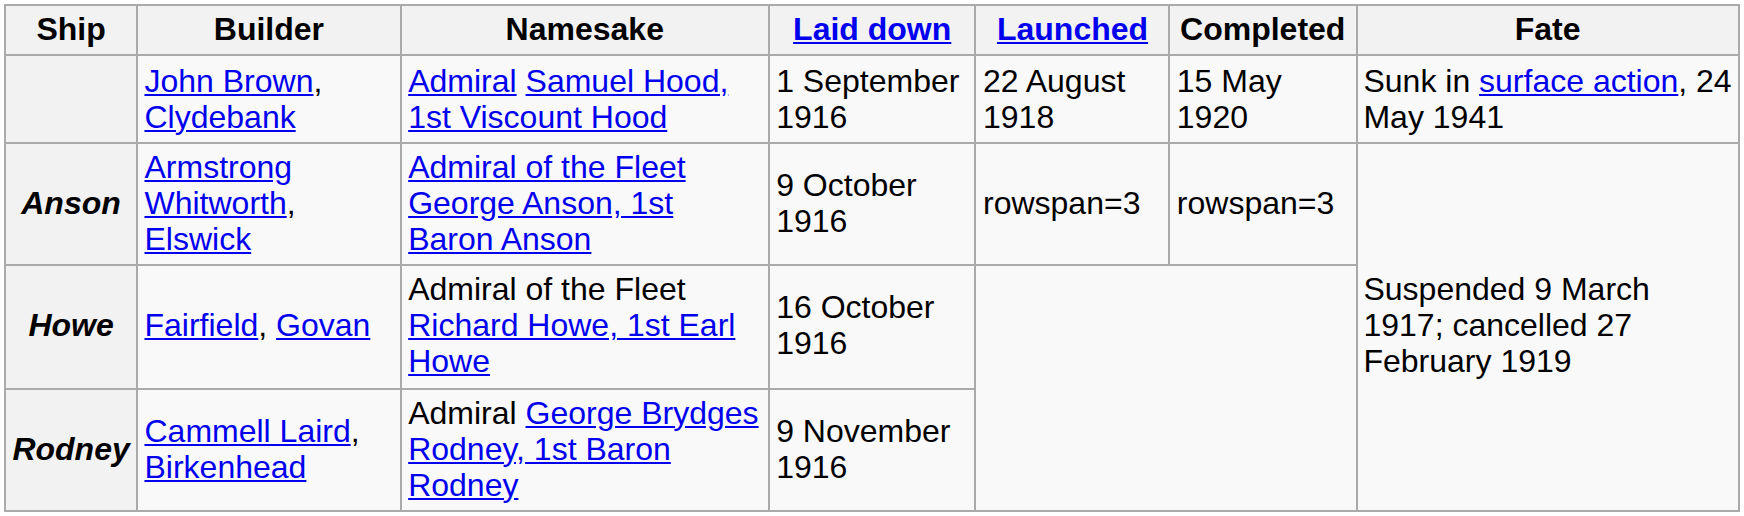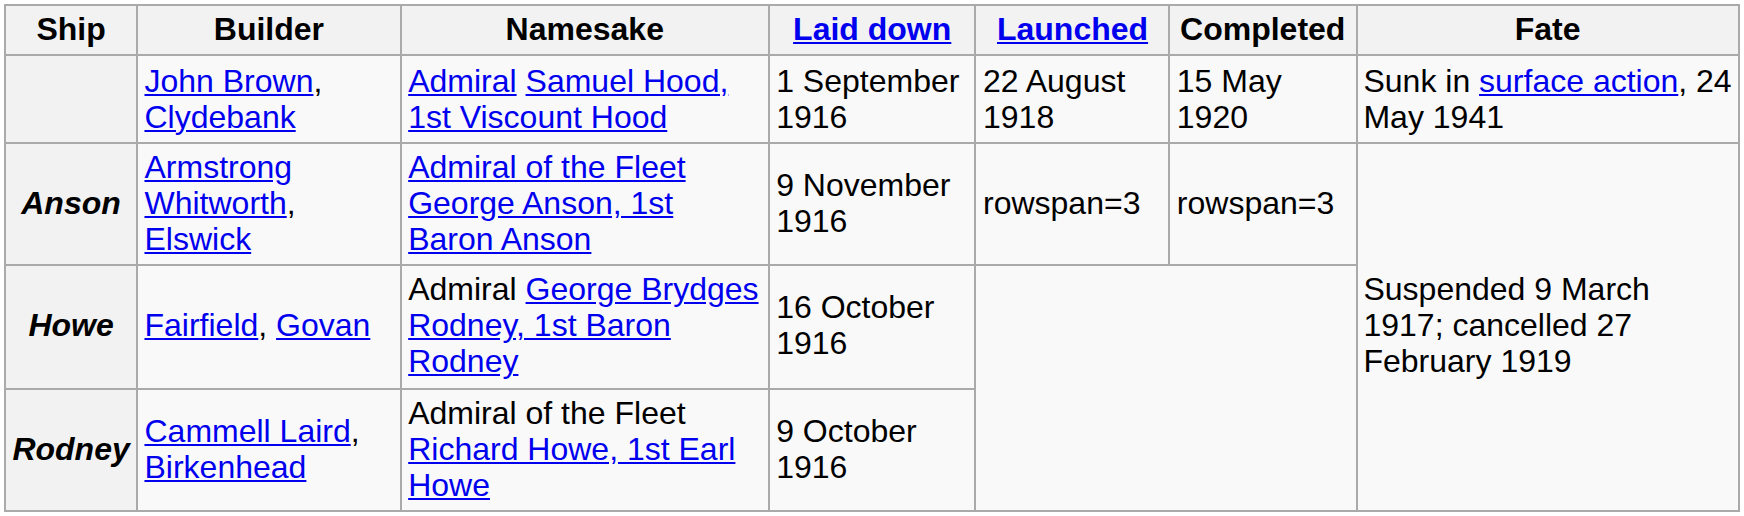 <table class="wikitable plainrowheaders">
 <tr>
 <th scope="col">Ship</th>
 <th scope="col">Builder</th>
 <th scope="col">Namesake</th>
 <th scope="col"><a href='#'>Laid down</a></th>
 <th scope="col"><a href='#'>Launched</a></th>
 <th scope="col">Completed</th>
 <th scope="col">Fate</th>
 </tr>
 <tr>
 <th scope="row"></th>
 <td><a href='#'>John Brown</a>, <a href='#'>Clydebank</a></td>
 <td><a href='#'>Admiral</a> <a href='#'>Samuel Hood, 1st Viscount Hood</a></td>
 <td>1 September 1916</td>
 <td>22 August 1918</td>
 <td>15 May 1920</td>
 <td>Sunk in <a href='#'>surface action</a>, 24 May 1941</td>
 </tr>
 <tr>
 <th scope="row"><em>Anson</em></th>
 <td><a href='#'>Armstrong Whitworth</a>, <a href='#'>Elswick</a></td>
 <td><a href='#'>Admiral of the Fleet</a> <a href='#'>George Anson, 1st Baron Anson</a></td>
-<td>9 October 1916</td>
+<td>9 November 1916</td>
 <td>rowspan=3 </td>
 <td>rowspan=3 </td>
 <td rowspan=3>Suspended 9 March 1917; cancelled 27 February 1919</td>
 </tr>
 <tr>
 <th scope="row"><em>Howe</em></th>
 <td><a href='#'>Fairfield</a>, <a href='#'>Govan</a></td>
-<td>Admiral of the Fleet <a href='#'>Richard Howe, 1st Earl Howe</a></td>
+<td>Admiral <a href='#'>George Brydges Rodney, 1st Baron Rodney</a></td>
 <td>16 October 1916</td>
 </tr>
 <tr>
 <th scope="row"><em>Rodney</em></th>
 <td><a href='#'>Cammell Laird</a>, <a href='#'>Birkenhead</a></td>
-<td>Admiral <a href='#'>George Brydges Rodney, 1st Baron Rodney</a></td>
-<td>9 November 1916</td>
+<td>Admiral of the Fleet <a href='#'>Richard Howe, 1st Earl Howe</a></td>
+<td>9 October 1916</td>
 </tr>
 </table>
